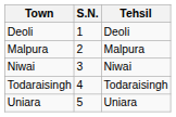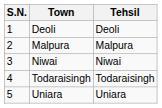 <table class="wikitable">
 <tr>
+<th>S.N.</th>
 <th>Town</th>
-<th>S.N.</th>
 <th>Tehsil</th>
 </tr>
 <tr>
+<td>1</td>
 <td>Deoli</td>
-<td>1</td>
 <td>Deoli</td>
 </tr>
 <tr>
+<td>2</td>
 <td>Malpura</td>
-<td>2</td>
 <td>Malpura</td>
 </tr>
 <tr>
+<td>3</td>
 <td>Niwai</td>
-<td>3</td>
 <td>Niwai</td>
 </tr>
 <tr>
+<td>4</td>
 <td>Todaraisingh</td>
-<td>4</td>
 <td>Todaraisingh</td>
 </tr>
 <tr>
+<td>5</td>
 <td>Uniara</td>
-<td>5</td>
 <td>Uniara</td>
 </tr>
 </table>
